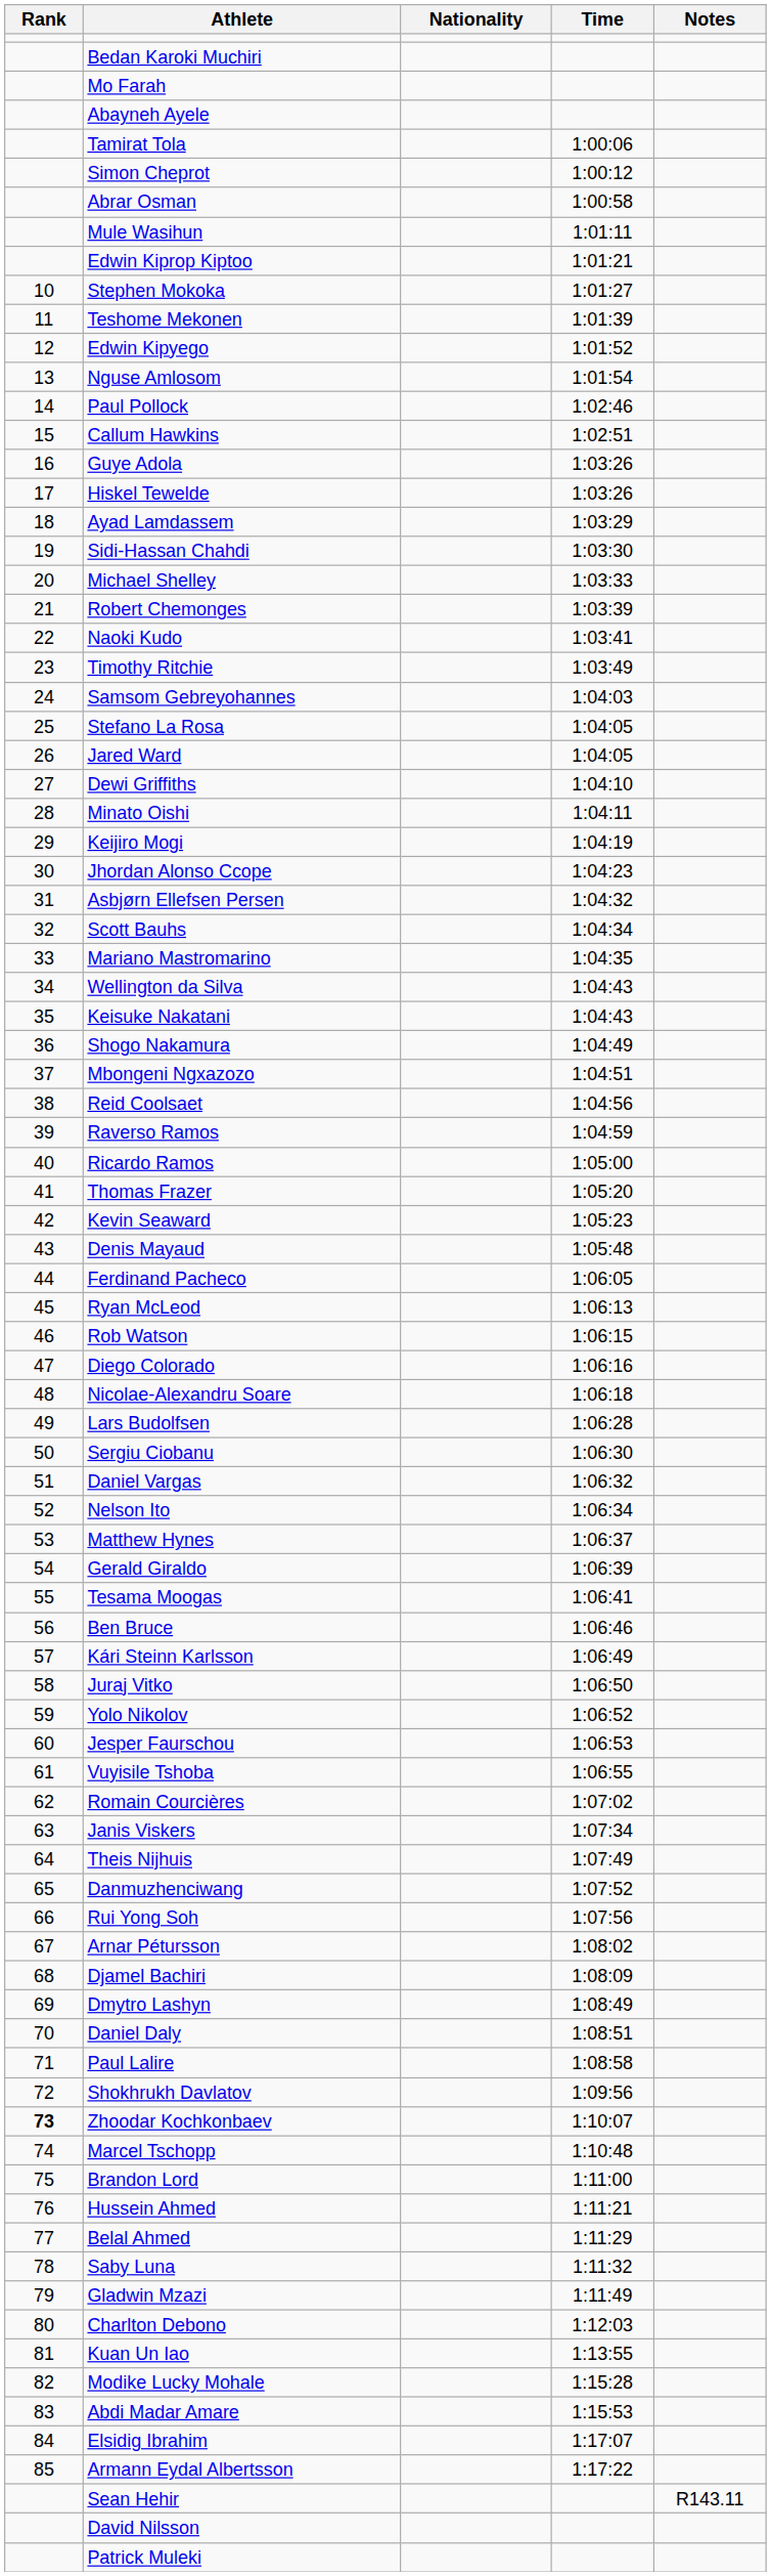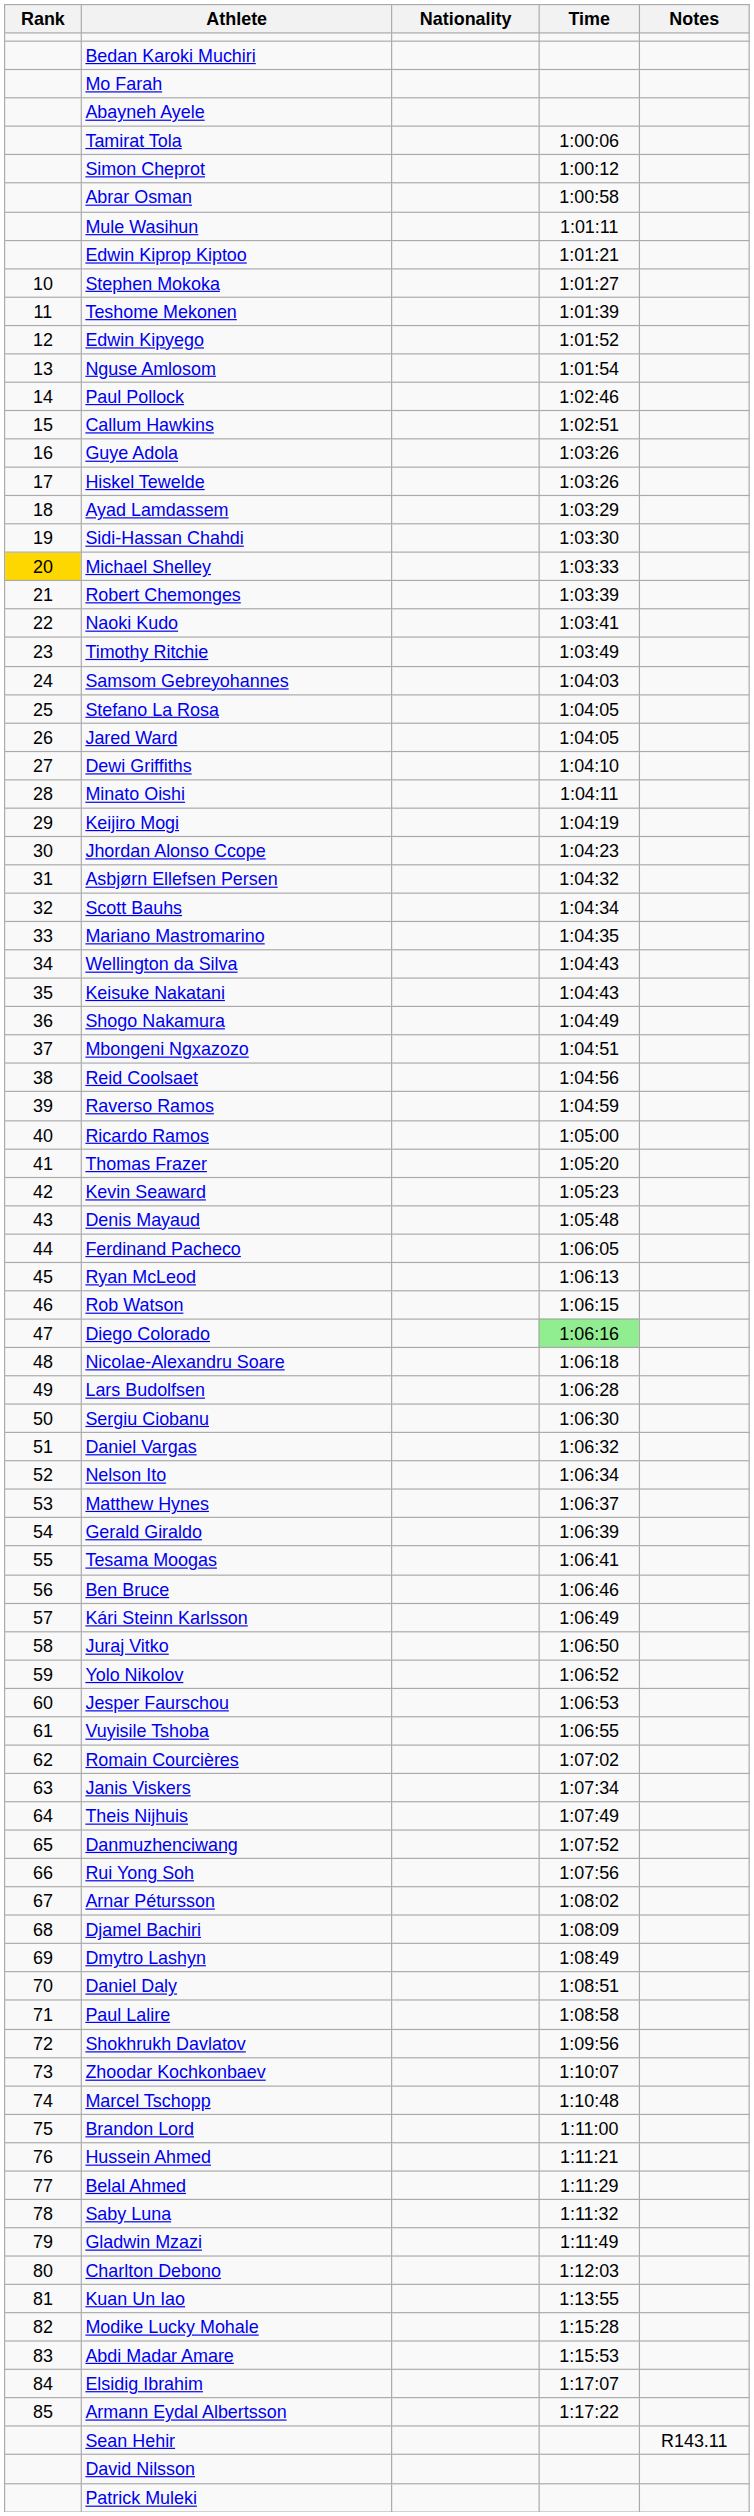 <table class="wikitable sortable"  style="text-align:center; font-size:95%; width:50%;">
 <tr>
 <th>Rank</th>
 <th>Athlete</th>
 <th>Nationality</th>
 <th>Time</th>
 <th>Notes</th>
 </tr>
 <tr>
 <td align=center></td>
 <td align=left></td>
 <td align=left></td>
 <td></td>
 <td></td>
 </tr>
 <tr>
 <td align=center></td>
 <td align=left><a href='#'>Bedan Karoki Muchiri</a></td>
 <td align=left></td>
 <td></td>
 <td></td>
 </tr>
 <tr>
 <td align=center></td>
 <td align=left><a href='#'>Mo Farah</a></td>
 <td align=left></td>
 <td></td>
 <td></td>
 </tr>
 <tr>
 <td align=center></td>
 <td align=left><a href='#'>Abayneh Ayele</a></td>
 <td align=left></td>
 <td></td>
 <td></td>
 </tr>
 <tr>
 <td align=center></td>
 <td align=left><a href='#'>Tamirat Tola</a></td>
 <td align=left></td>
 <td>1:00:06</td>
 <td></td>
 </tr>
 <tr>
 <td align=center></td>
 <td align=left><a href='#'>Simon Cheprot</a></td>
 <td align=left></td>
 <td>1:00:12</td>
 <td></td>
 </tr>
 <tr>
 <td align=center></td>
 <td align=left><a href='#'>Abrar Osman</a></td>
 <td align=left></td>
 <td>1:00:58</td>
 <td></td>
 </tr>
 <tr>
 <td align=center></td>
 <td align=left><a href='#'>Mule Wasihun</a></td>
 <td align=left></td>
 <td>1:01:11</td>
 <td></td>
 </tr>
 <tr>
 <td align=center></td>
 <td align=left><a href='#'>Edwin Kiprop Kiptoo</a></td>
 <td align=left></td>
 <td>1:01:21</td>
 <td></td>
 </tr>
 <tr>
 <td align=center>10</td>
 <td align=left><a href='#'>Stephen Mokoka</a></td>
 <td align=left></td>
 <td>1:01:27</td>
 <td></td>
 </tr>
 <tr>
 <td align=center>11</td>
 <td align=left><a href='#'>Teshome Mekonen</a></td>
 <td align=left></td>
 <td>1:01:39</td>
 <td></td>
 </tr>
 <tr>
 <td align=center>12</td>
 <td align=left><a href='#'>Edwin Kipyego</a></td>
 <td align=left></td>
 <td>1:01:52</td>
 <td></td>
 </tr>
 <tr>
 <td align=center>13</td>
 <td align=left><a href='#'>Nguse Amlosom</a></td>
 <td align=left></td>
 <td>1:01:54</td>
 <td></td>
 </tr>
 <tr>
 <td align=center>14</td>
 <td align=left><a href='#'>Paul Pollock</a></td>
 <td align=left></td>
 <td>1:02:46</td>
 <td></td>
 </tr>
 <tr>
 <td align=center>15</td>
 <td align=left><a href='#'>Callum Hawkins</a></td>
 <td align=left></td>
 <td>1:02:51</td>
 <td></td>
 </tr>
 <tr>
 <td align=center>16</td>
 <td align=left><a href='#'>Guye Adola</a></td>
 <td align=left></td>
 <td>1:03:26</td>
 <td></td>
 </tr>
 <tr>
 <td align=center>17</td>
 <td align=left><a href='#'>Hiskel Tewelde</a></td>
 <td align=left></td>
 <td>1:03:26</td>
 <td></td>
 </tr>
 <tr>
 <td align=center>18</td>
 <td align=left><a href='#'>Ayad Lamdassem</a></td>
 <td align=left></td>
 <td>1:03:29</td>
 <td></td>
 </tr>
 <tr>
 <td align=center>19</td>
 <td align=left><a href='#'>Sidi-Hassan Chahdi</a></td>
 <td align=left></td>
 <td>1:03:30</td>
 <td></td>
 </tr>
 <tr>
-<td align=center>20</td>
+<td align=center style="background: gold;">20</td>
 <td align=left><a href='#'>Michael Shelley</a></td>
 <td align=left></td>
 <td>1:03:33</td>
 <td></td>
 </tr>
 <tr>
 <td align=center>21</td>
 <td align=left><a href='#'>Robert Chemonges</a></td>
 <td align=left></td>
 <td>1:03:39</td>
 <td></td>
 </tr>
 <tr>
 <td align=center>22</td>
 <td align=left><a href='#'>Naoki Kudo</a></td>
 <td align=left></td>
 <td>1:03:41</td>
 <td></td>
 </tr>
 <tr>
 <td align=center>23</td>
 <td align=left><a href='#'>Timothy Ritchie</a></td>
 <td align=left></td>
 <td>1:03:49</td>
 <td></td>
 </tr>
 <tr>
 <td align=center>24</td>
 <td align=left><a href='#'>Samsom Gebreyohannes</a></td>
 <td align=left></td>
 <td>1:04:03</td>
 <td></td>
 </tr>
 <tr>
 <td align=center>25</td>
 <td align=left><a href='#'>Stefano La Rosa</a></td>
 <td align=left></td>
 <td>1:04:05</td>
 <td></td>
 </tr>
 <tr>
 <td align=center>26</td>
 <td align=left><a href='#'>Jared Ward</a></td>
 <td align=left></td>
 <td>1:04:05</td>
 <td></td>
 </tr>
 <tr>
 <td align=center>27</td>
 <td align=left><a href='#'>Dewi Griffiths</a></td>
 <td align=left></td>
 <td>1:04:10</td>
 <td></td>
 </tr>
 <tr>
 <td align=center>28</td>
 <td align=left><a href='#'>Minato Oishi</a></td>
 <td align=left></td>
 <td>1:04:11</td>
 <td></td>
 </tr>
 <tr>
 <td align=center>29</td>
 <td align=left><a href='#'>Keijiro Mogi</a></td>
 <td align=left></td>
 <td>1:04:19</td>
 <td></td>
 </tr>
 <tr>
 <td align=center>30</td>
 <td align=left><a href='#'>Jhordan Alonso Ccope</a></td>
 <td align=left></td>
 <td>1:04:23</td>
 <td></td>
 </tr>
 <tr>
 <td align=center>31</td>
 <td align=left><a href='#'>Asbjørn Ellefsen Persen</a></td>
 <td align=left></td>
 <td>1:04:32</td>
 <td></td>
 </tr>
 <tr>
 <td align=center>32</td>
 <td align=left><a href='#'>Scott Bauhs</a></td>
 <td align=left></td>
 <td>1:04:34</td>
 <td></td>
 </tr>
 <tr>
 <td align=center>33</td>
 <td align=left><a href='#'>Mariano Mastromarino</a></td>
 <td align=left></td>
 <td>1:04:35</td>
 <td></td>
 </tr>
 <tr>
 <td align=center>34</td>
 <td align=left><a href='#'>Wellington da Silva</a></td>
 <td align=left></td>
 <td>1:04:43</td>
 <td></td>
 </tr>
 <tr>
 <td align=center>35</td>
 <td align=left><a href='#'>Keisuke Nakatani</a></td>
 <td align=left></td>
 <td>1:04:43</td>
 <td></td>
 </tr>
 <tr>
 <td align=center>36</td>
 <td align=left><a href='#'>Shogo Nakamura</a></td>
 <td align=left></td>
 <td>1:04:49</td>
 <td></td>
 </tr>
 <tr>
 <td align=center>37</td>
 <td align=left><a href='#'>Mbongeni Ngxazozo</a></td>
 <td align=left></td>
 <td>1:04:51</td>
 <td></td>
 </tr>
 <tr>
 <td align=center>38</td>
 <td align=left><a href='#'>Reid Coolsaet</a></td>
 <td align=left></td>
 <td>1:04:56</td>
 <td></td>
 </tr>
 <tr>
 <td align=center>39</td>
 <td align=left><a href='#'>Raverso Ramos</a></td>
 <td align=left></td>
 <td>1:04:59</td>
 <td></td>
 </tr>
 <tr>
 <td align=center>40</td>
 <td align=left><a href='#'>Ricardo Ramos</a></td>
 <td align=left></td>
 <td>1:05:00</td>
 <td></td>
 </tr>
 <tr>
 <td align=center>41</td>
 <td align=left><a href='#'>Thomas Frazer</a></td>
 <td align=left></td>
 <td>1:05:20</td>
 <td></td>
 </tr>
 <tr>
 <td align=center>42</td>
 <td align=left><a href='#'>Kevin Seaward</a></td>
 <td align=left></td>
 <td>1:05:23</td>
 <td></td>
 </tr>
 <tr>
 <td align=center>43</td>
 <td align=left><a href='#'>Denis Mayaud</a></td>
 <td align=left></td>
 <td>1:05:48</td>
 <td></td>
 </tr>
 <tr>
 <td align=center>44</td>
 <td align=left><a href='#'>Ferdinand Pacheco</a></td>
 <td align=left></td>
 <td>1:06:05</td>
 <td></td>
 </tr>
 <tr>
 <td align=center>45</td>
 <td align=left><a href='#'>Ryan McLeod</a></td>
 <td align=left></td>
 <td>1:06:13</td>
 <td></td>
 </tr>
 <tr>
 <td align=center>46</td>
 <td align=left><a href='#'>Rob Watson</a></td>
 <td align=left></td>
 <td>1:06:15</td>
 <td></td>
 </tr>
 <tr>
 <td align=center>47</td>
 <td align=left><a href='#'>Diego Colorado</a></td>
 <td align=left></td>
-<td>1:06:16</td>
+<td style="background: lightgreen;">1:06:16</td>
 <td></td>
 </tr>
 <tr>
 <td align=center>48</td>
 <td align=left><a href='#'>Nicolae-Alexandru Soare</a></td>
 <td align=left></td>
 <td>1:06:18</td>
 <td></td>
 </tr>
 <tr>
 <td align=center>49</td>
 <td align=left><a href='#'>Lars Budolfsen</a></td>
 <td align=left></td>
 <td>1:06:28</td>
 <td></td>
 </tr>
 <tr>
 <td align=center>50</td>
 <td align=left><a href='#'>Sergiu Ciobanu</a></td>
 <td align=left></td>
 <td>1:06:30</td>
 <td></td>
 </tr>
 <tr>
 <td align=center>51</td>
 <td align=left><a href='#'>Daniel Vargas</a></td>
 <td align=left></td>
 <td>1:06:32</td>
 <td></td>
 </tr>
 <tr>
 <td align=center>52</td>
 <td align=left><a href='#'>Nelson Ito</a></td>
 <td align=left></td>
 <td>1:06:34</td>
 <td></td>
 </tr>
 <tr>
 <td align=center>53</td>
 <td align=left><a href='#'>Matthew Hynes</a></td>
 <td align=left></td>
 <td>1:06:37</td>
 <td></td>
 </tr>
 <tr>
 <td align=center>54</td>
 <td align=left><a href='#'>Gerald Giraldo</a></td>
 <td align=left></td>
 <td>1:06:39</td>
 <td></td>
 </tr>
 <tr>
 <td align=center>55</td>
 <td align=left><a href='#'>Tesama Moogas</a></td>
 <td align=left></td>
 <td>1:06:41</td>
 <td></td>
 </tr>
 <tr>
 <td align=center>56</td>
 <td align=left><a href='#'>Ben Bruce</a></td>
 <td align=left></td>
 <td>1:06:46</td>
 <td></td>
 </tr>
 <tr>
 <td align=center>57</td>
 <td align=left><a href='#'>Kári Steinn Karlsson</a></td>
 <td align=left></td>
 <td>1:06:49</td>
 <td></td>
 </tr>
 <tr>
 <td align=center>58</td>
 <td align=left><a href='#'>Juraj Vitko</a></td>
 <td align=left></td>
 <td>1:06:50</td>
 <td></td>
 </tr>
 <tr>
 <td align=center>59</td>
 <td align=left><a href='#'>Yolo Nikolov</a></td>
 <td align=left></td>
 <td>1:06:52</td>
 <td></td>
 </tr>
 <tr>
 <td align=center>60</td>
 <td align=left><a href='#'>Jesper Faurschou</a></td>
 <td align=left></td>
 <td>1:06:53</td>
 <td></td>
 </tr>
 <tr>
 <td align=center>61</td>
 <td align=left><a href='#'>Vuyisile Tshoba</a></td>
 <td align=left></td>
 <td>1:06:55</td>
 <td></td>
 </tr>
 <tr>
 <td align=center>62</td>
 <td align=left><a href='#'>Romain Courcières</a></td>
 <td align=left></td>
 <td>1:07:02</td>
 <td></td>
 </tr>
 <tr>
 <td align=center>63</td>
 <td align=left><a href='#'>Janis Viskers</a></td>
 <td align=left></td>
 <td>1:07:34</td>
 <td></td>
 </tr>
 <tr>
 <td align=center>64</td>
 <td align=left><a href='#'>Theis Nijhuis</a></td>
 <td align=left></td>
 <td>1:07:49</td>
 <td></td>
 </tr>
 <tr>
 <td align=center>65</td>
 <td align=left><a href='#'>Danmuzhenciwang</a></td>
 <td align=left></td>
 <td>1:07:52</td>
 <td></td>
 </tr>
 <tr>
 <td align=center>66</td>
 <td align=left><a href='#'>Rui Yong Soh</a></td>
 <td align=left></td>
 <td>1:07:56</td>
 <td></td>
 </tr>
 <tr>
 <td align=center>67</td>
 <td align=left><a href='#'>Arnar Pétursson</a></td>
 <td align=left></td>
 <td>1:08:02</td>
 <td></td>
 </tr>
 <tr>
 <td align=center>68</td>
 <td align=left><a href='#'>Djamel Bachiri</a></td>
 <td align=left></td>
 <td>1:08:09</td>
 <td></td>
 </tr>
 <tr>
 <td align=center>69</td>
 <td align=left><a href='#'>Dmytro Lashyn</a></td>
 <td align=left></td>
 <td>1:08:49</td>
 <td></td>
 </tr>
 <tr>
 <td align=center>70</td>
 <td align=left><a href='#'>Daniel Daly</a></td>
 <td align=left></td>
 <td>1:08:51</td>
 <td></td>
 </tr>
 <tr>
 <td align=center>71</td>
 <td align=left><a href='#'>Paul Lalire</a></td>
 <td align=left></td>
 <td>1:08:58</td>
 <td></td>
 </tr>
 <tr>
 <td align=center>72</td>
 <td align=left><a href='#'>Shokhrukh Davlatov</a></td>
 <td align=left></td>
 <td>1:09:56</td>
 <td></td>
 </tr>
 <tr>
-<td align=center><strong>73</strong></td>
+<td align=center>73</td>
 <td align=left><a href='#'>Zhoodar Kochkonbaev</a></td>
 <td align=left></td>
 <td>1:10:07</td>
 <td></td>
 </tr>
 <tr>
 <td align=center>74</td>
 <td align=left><a href='#'>Marcel Tschopp</a></td>
 <td align=left></td>
 <td>1:10:48</td>
 <td></td>
 </tr>
 <tr>
 <td align=center>75</td>
 <td align=left><a href='#'>Brandon Lord</a></td>
 <td align=left></td>
 <td>1:11:00</td>
 <td></td>
 </tr>
 <tr>
 <td align=center>76</td>
 <td align=left><a href='#'>Hussein Ahmed</a></td>
 <td align=left></td>
 <td>1:11:21</td>
 <td></td>
 </tr>
 <tr>
 <td align=center>77</td>
 <td align=left><a href='#'>Belal Ahmed</a></td>
 <td align=left></td>
 <td>1:11:29</td>
 <td></td>
 </tr>
 <tr>
 <td align=center>78</td>
 <td align=left><a href='#'>Saby Luna</a></td>
 <td align=left></td>
 <td>1:11:32</td>
 <td></td>
 </tr>
 <tr>
 <td align=center>79</td>
 <td align=left><a href='#'>Gladwin Mzazi</a></td>
 <td align=left></td>
 <td>1:11:49</td>
 <td></td>
 </tr>
 <tr>
 <td align=center>80</td>
 <td align=left><a href='#'>Charlton Debono</a></td>
 <td align=left></td>
 <td>1:12:03</td>
 <td></td>
 </tr>
 <tr>
 <td align=center>81</td>
 <td align=left><a href='#'>Kuan Un Iao</a></td>
 <td align=left></td>
 <td>1:13:55</td>
 <td></td>
 </tr>
 <tr>
 <td align=center>82</td>
 <td align=left><a href='#'>Modike Lucky Mohale</a></td>
 <td align=left></td>
 <td>1:15:28</td>
 <td></td>
 </tr>
 <tr>
 <td align=center>83</td>
 <td align=left><a href='#'>Abdi Madar Amare</a></td>
 <td align=left></td>
 <td>1:15:53</td>
 <td></td>
 </tr>
 <tr>
 <td align=center>84</td>
 <td align=left><a href='#'>Elsidig Ibrahim</a></td>
 <td align=left></td>
 <td>1:17:07</td>
 <td></td>
 </tr>
 <tr>
 <td align=center>85</td>
 <td align=left><a href='#'>Armann Eydal Albertsson</a></td>
 <td align=left></td>
 <td>1:17:22</td>
 <td></td>
 </tr>
 <tr>
 <td align=center></td>
 <td align=left><a href='#'>Sean Hehir</a></td>
 <td align=left></td>
 <td></td>
 <td>R143.11</td>
 </tr>
 <tr>
 <td align=center></td>
 <td align=left><a href='#'>David Nilsson</a></td>
 <td align=left></td>
 <td></td>
 <td></td>
 </tr>
 <tr>
 <td align=center></td>
 <td align=left><a href='#'>Patrick Muleki</a></td>
 <td align=left></td>
 <td></td>
 <td></td>
 </tr>
 </table>
